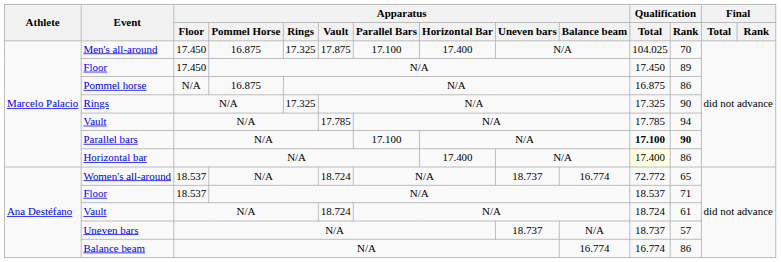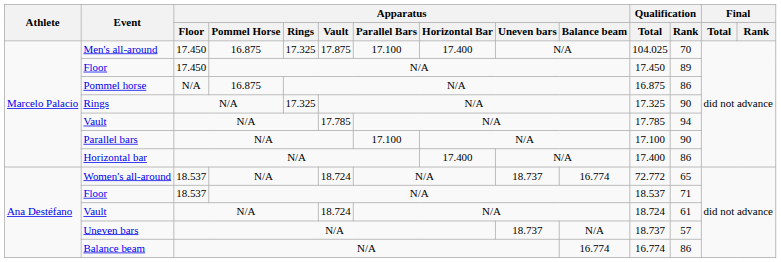 <table class="wikitable" style="font-size:90%">
 <tr>
 <th rowspan="2">Athlete</th>
 <th rowspan="2">Event</th>
 <th colspan = "8">Apparatus</th>
 <th colspan = "2">Qualification</th>
 <th colspan = "2">Final</th>
 </tr>
 <tr>
 <th>Floor</th>
 <th>Pommel Horse</th>
 <th>Rings</th>
 <th>Vault</th>
 <th>Parallel Bars</th>
 <th>Horizontal Bar</th>
 <th>Uneven bars</th>
 <th>Balance beam</th>
 <th>Total</th>
 <th>Rank</th>
 <th>Total</th>
 <th>Rank</th>
 </tr>
 <tr>
 <td rowspan="7"><a href='#'>Marcelo Palacio</a></td>
 <td><a href='#'>Men's all-around</a></td>
 <td align="center">17.450</td>
 <td align="center">16.875</td>
 <td align="center">17.325</td>
 <td align="center">17.875</td>
 <td align="center">17.100</td>
 <td align="center">17.400</td>
 <td align=center colspan="2">N/A</td>
 <td align="center">104.025</td>
 <td align="center">70</td>
 <td align=center colspan="2" rowspan="7">did not advance</td>
 </tr>
 <tr>
 <td><a href='#'>Floor</a></td>
 <td align=center>17.450</td>
 <td align=center colspan="7">N/A</td>
 <td align=center>17.450</td>
 <td align=center>89</td>
 </tr>
 <tr>
 <td><a href='#'>Pommel horse</a></td>
 <td align=center>N/A</td>
 <td align=center>16.875</td>
 <td align=center colspan="6">N/A</td>
 <td align=center>16.875</td>
 <td align=center>86</td>
 </tr>
 <tr>
 <td><a href='#'>Rings</a></td>
 <td align=center colspan="2">N/A</td>
 <td align=center>17.325</td>
 <td align=center colspan="5">N/A</td>
 <td align=center>17.325</td>
 <td align=center>90</td>
 </tr>
 <tr>
 <td><a href='#'>Vault</a></td>
 <td align=center colspan="3">N/A</td>
 <td align=center>17.785</td>
 <td align=center colspan="4">N/A</td>
 <td align=center>17.785</td>
 <td align=center>94</td>
 </tr>
 <tr>
 <td><a href='#'>Parallel bars</a></td>
 <td align=center colspan="4">N/A</td>
 <td align=center>17.100</td>
 <td align=center colspan="3">N/A</td>
-<td align=center><strong>17.100</strong></td>
-<td align=center><strong>90</strong></td>
+<td align=center>17.100</td>
+<td align=center>90</td>
 </tr>
 <tr>
 <td><a href='#'>Horizontal bar</a></td>
 <td align=center colspan="5">N/A</td>
 <td align=center>17.400</td>
 <td align=center colspan="2">N/A</td>
-<td align=center style="background: lightyellow;">17.400</td>
+<td align=center>17.400</td>
 <td align=center>86</td>
 </tr>
 <tr>
 <td rowspan="5"><a href='#'>Ana Destéfano</a></td>
 <td><a href='#'>Women's all-around</a></td>
 <td align="center">18.537</td>
 <td align=center colspan="2">N/A</td>
 <td align="center">18.724</td>
 <td align=center colspan="2">N/A</td>
 <td align="center">18.737</td>
 <td align="center">16.774</td>
 <td align="center">72.772</td>
 <td align="center">65</td>
 <td align=center colspan="2" rowspan="5">did not advance</td>
 </tr>
 <tr>
 <td><a href='#'>Floor</a></td>
 <td align=center>18.537</td>
 <td align=center colspan="7">N/A</td>
 <td align=center>18.537</td>
 <td align=center>71</td>
 </tr>
 <tr>
 <td><a href='#'>Vault</a></td>
 <td align=center colspan="3">N/A</td>
 <td align=center>18.724</td>
 <td align=center colspan="4">N/A</td>
 <td align=center>18.724</td>
 <td align=center>61</td>
 </tr>
 <tr>
 <td><a href='#'>Uneven bars</a></td>
 <td align=center colspan="6">N/A</td>
 <td align=center>18.737</td>
 <td align=center>N/A</td>
 <td align=center>18.737</td>
 <td align=center>57</td>
 </tr>
 <tr>
 <td><a href='#'>Balance beam</a></td>
 <td align=center colspan="7">N/A</td>
 <td align=center>16.774</td>
 <td align=center>16.774</td>
 <td align=center>86</td>
 </tr>
 </table>
